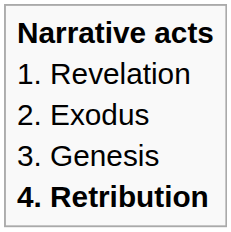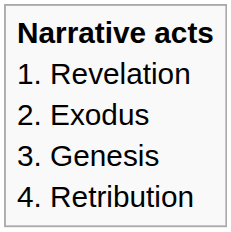 <table class="infobox">
 <tr>
 <th style="font-size:100%; text-align: center;">Narrative acts</th>
 </tr>
 <tr>
 <td>1. Revelation</td>
 </tr>
 <tr>
 <td>2. Exodus</td>
 </tr>
 <tr>
 <td>3. Genesis</td>
 </tr>
 <tr>
-<td><strong>4. Retribution</strong></td>
+<td>4. Retribution</td>
 </tr>
 </table>
